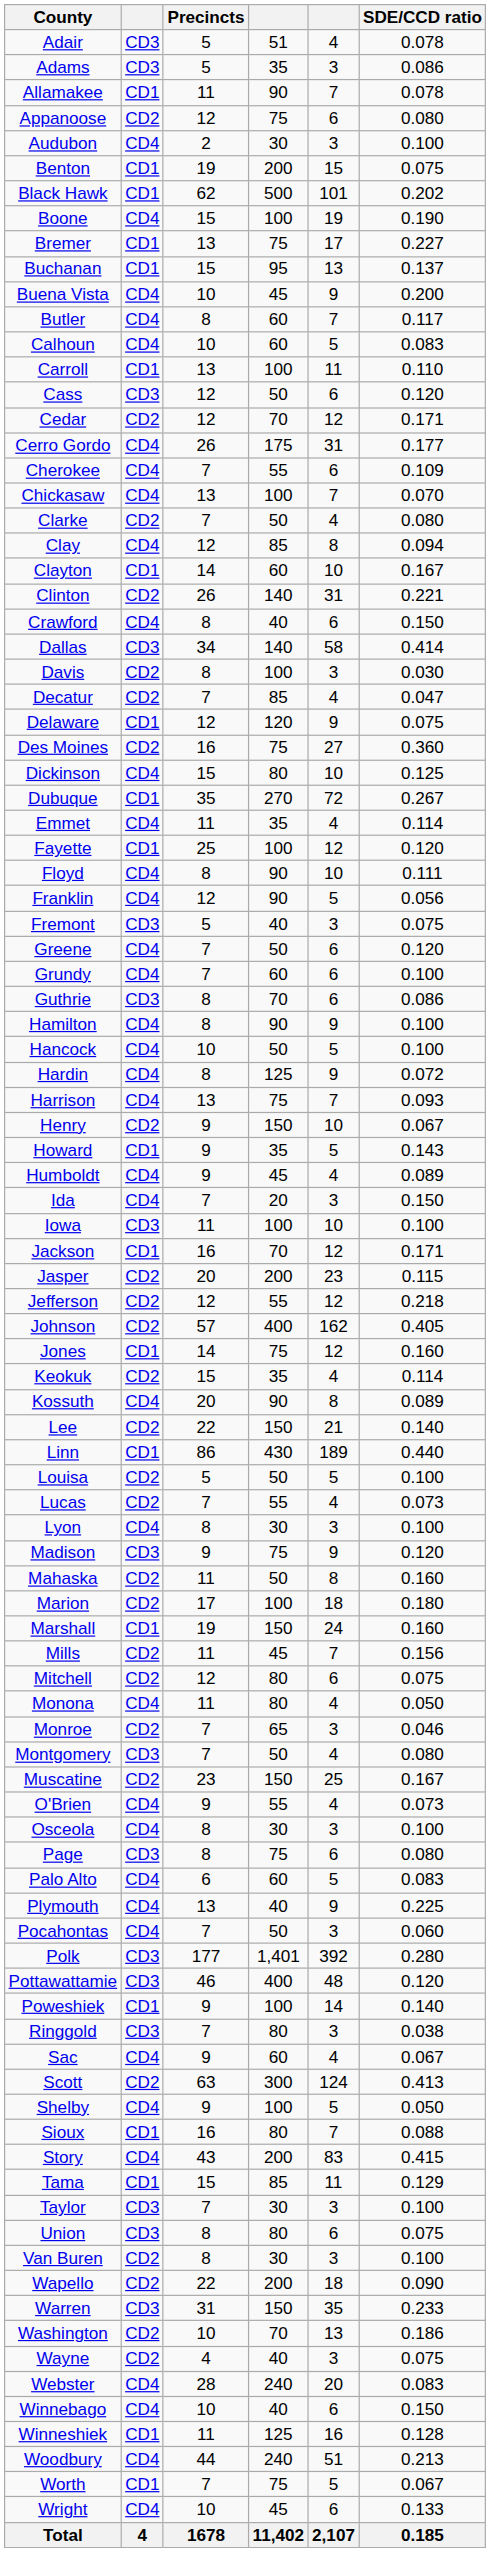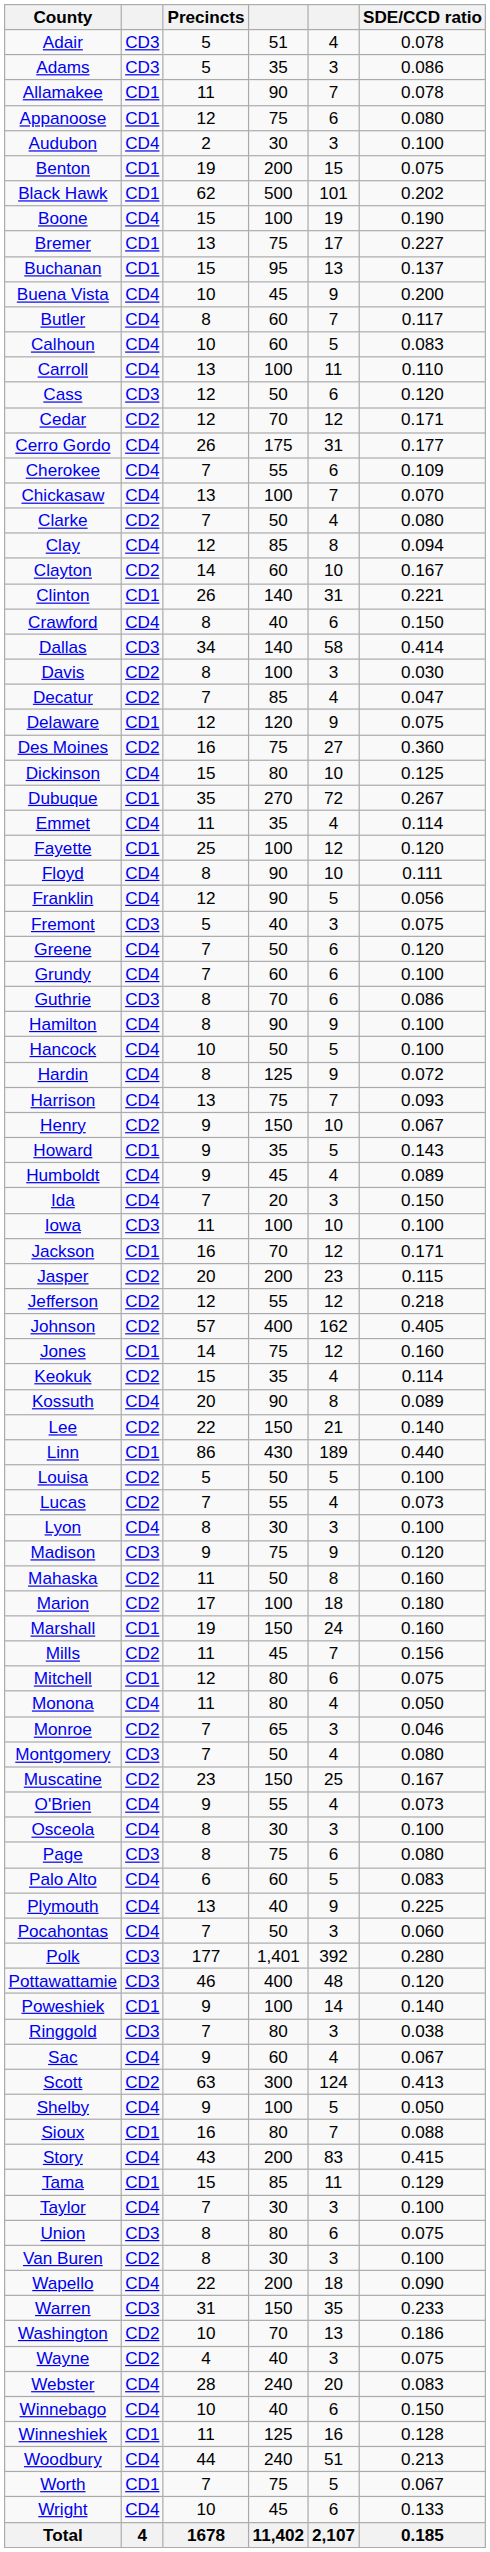 <table class="wikitable collapsed collapsible sortable" style="position:left; padding:5px; text-align:center; font-size:90%; line-height:1.0">
 <tr>
 <th>County</th>
 <th></th>
 <th>Precincts</th>
 <th></th>
 <th></th>
 <th>SDE/CCD ratio</th>
 </tr>
 <tr>
 <td><a href='#'>Adair</a></td>
 <td><a href='#'>CD3</a></td>
 <td>5</td>
 <td>51</td>
 <td>4</td>
 <td>0.078</td>
 </tr>
 <tr>
 <td><a href='#'>Adams</a></td>
 <td><a href='#'>CD3</a></td>
 <td>5</td>
 <td>35</td>
 <td>3</td>
 <td>0.086</td>
 </tr>
 <tr>
 <td><a href='#'>Allamakee</a></td>
 <td><a href='#'>CD1</a></td>
 <td>11</td>
 <td>90</td>
 <td>7</td>
 <td>0.078</td>
 </tr>
 <tr>
 <td><a href='#'>Appanoose</a></td>
-<td><a href='#'>CD2</a></td>
+<td><a href='#'>CD1</a></td>
 <td>12</td>
 <td>75</td>
 <td>6</td>
 <td>0.080</td>
 </tr>
 <tr>
 <td><a href='#'>Audubon</a></td>
 <td><a href='#'>CD4</a></td>
 <td>2</td>
 <td>30</td>
 <td>3</td>
 <td>0.100</td>
 </tr>
 <tr>
 <td><a href='#'>Benton</a></td>
 <td><a href='#'>CD1</a></td>
 <td>19</td>
 <td>200</td>
 <td>15</td>
 <td>0.075</td>
 </tr>
 <tr>
 <td><a href='#'>Black Hawk</a></td>
 <td><a href='#'>CD1</a></td>
 <td>62</td>
 <td>500</td>
 <td>101</td>
 <td>0.202</td>
 </tr>
 <tr>
 <td><a href='#'>Boone</a></td>
 <td><a href='#'>CD4</a></td>
 <td>15</td>
 <td>100</td>
 <td>19</td>
 <td>0.190</td>
 </tr>
 <tr>
 <td><a href='#'>Bremer</a></td>
 <td><a href='#'>CD1</a></td>
 <td>13</td>
 <td>75</td>
 <td>17</td>
 <td>0.227</td>
 </tr>
 <tr>
 <td><a href='#'>Buchanan</a></td>
 <td><a href='#'>CD1</a></td>
 <td>15</td>
 <td>95</td>
 <td>13</td>
 <td>0.137</td>
 </tr>
 <tr>
 <td><a href='#'>Buena Vista</a></td>
 <td><a href='#'>CD4</a></td>
 <td>10</td>
 <td>45</td>
 <td>9</td>
 <td>0.200</td>
 </tr>
 <tr>
 <td><a href='#'>Butler</a></td>
 <td><a href='#'>CD4</a></td>
 <td>8</td>
 <td>60</td>
 <td>7</td>
 <td>0.117</td>
 </tr>
 <tr>
 <td><a href='#'>Calhoun</a></td>
 <td><a href='#'>CD4</a></td>
 <td>10</td>
 <td>60</td>
 <td>5</td>
 <td>0.083</td>
 </tr>
 <tr>
 <td><a href='#'>Carroll</a></td>
-<td><a href='#'>CD1</a></td>
+<td><a href='#'>CD4</a></td>
 <td>13</td>
 <td>100</td>
 <td>11</td>
 <td>0.110</td>
 </tr>
 <tr>
 <td><a href='#'>Cass</a></td>
 <td><a href='#'>CD3</a></td>
 <td>12</td>
 <td>50</td>
 <td>6</td>
 <td>0.120</td>
 </tr>
 <tr>
 <td><a href='#'>Cedar</a></td>
 <td><a href='#'>CD2</a></td>
 <td>12</td>
 <td>70</td>
 <td>12</td>
 <td>0.171</td>
 </tr>
 <tr>
 <td><a href='#'>Cerro Gordo</a></td>
 <td><a href='#'>CD4</a></td>
 <td>26</td>
 <td>175</td>
 <td>31</td>
 <td>0.177</td>
 </tr>
 <tr>
 <td><a href='#'>Cherokee</a></td>
 <td><a href='#'>CD4</a></td>
 <td>7</td>
 <td>55</td>
 <td>6</td>
 <td>0.109</td>
 </tr>
 <tr>
 <td><a href='#'>Chickasaw</a></td>
 <td><a href='#'>CD4</a></td>
 <td>13</td>
 <td>100</td>
 <td>7</td>
 <td>0.070</td>
 </tr>
 <tr>
 <td><a href='#'>Clarke</a></td>
 <td><a href='#'>CD2</a></td>
 <td>7</td>
 <td>50</td>
 <td>4</td>
 <td>0.080</td>
 </tr>
 <tr>
 <td><a href='#'>Clay</a></td>
 <td><a href='#'>CD4</a></td>
 <td>12</td>
 <td>85</td>
 <td>8</td>
 <td>0.094</td>
 </tr>
 <tr>
 <td><a href='#'>Clayton</a></td>
-<td><a href='#'>CD1</a></td>
+<td><a href='#'>CD2</a></td>
 <td>14</td>
 <td>60</td>
 <td>10</td>
 <td>0.167</td>
 </tr>
 <tr>
 <td><a href='#'>Clinton</a></td>
-<td><a href='#'>CD2</a></td>
+<td><a href='#'>CD1</a></td>
 <td>26</td>
 <td>140</td>
 <td>31</td>
 <td>0.221</td>
 </tr>
 <tr>
 <td><a href='#'>Crawford</a></td>
 <td><a href='#'>CD4</a></td>
 <td>8</td>
 <td>40</td>
 <td>6</td>
 <td>0.150</td>
 </tr>
 <tr>
 <td><a href='#'>Dallas</a></td>
 <td><a href='#'>CD3</a></td>
 <td>34</td>
 <td>140</td>
 <td>58</td>
 <td>0.414</td>
 </tr>
 <tr>
 <td><a href='#'>Davis</a></td>
 <td><a href='#'>CD2</a></td>
 <td>8</td>
 <td>100</td>
 <td>3</td>
 <td>0.030</td>
 </tr>
 <tr>
 <td><a href='#'>Decatur</a></td>
 <td><a href='#'>CD2</a></td>
 <td>7</td>
 <td>85</td>
 <td>4</td>
 <td>0.047</td>
 </tr>
 <tr>
 <td><a href='#'>Delaware</a></td>
 <td><a href='#'>CD1</a></td>
 <td>12</td>
 <td>120</td>
 <td>9</td>
 <td>0.075</td>
 </tr>
 <tr>
 <td><a href='#'>Des Moines</a></td>
 <td><a href='#'>CD2</a></td>
 <td>16</td>
 <td>75</td>
 <td>27</td>
 <td>0.360</td>
 </tr>
 <tr>
 <td><a href='#'>Dickinson</a></td>
 <td><a href='#'>CD4</a></td>
 <td>15</td>
 <td>80</td>
 <td>10</td>
 <td>0.125</td>
 </tr>
 <tr>
 <td><a href='#'>Dubuque</a></td>
 <td><a href='#'>CD1</a></td>
 <td>35</td>
 <td>270</td>
 <td>72</td>
 <td>0.267</td>
 </tr>
 <tr>
 <td><a href='#'>Emmet</a></td>
 <td><a href='#'>CD4</a></td>
 <td>11</td>
 <td>35</td>
 <td>4</td>
 <td>0.114</td>
 </tr>
 <tr>
 <td><a href='#'>Fayette</a></td>
 <td><a href='#'>CD1</a></td>
 <td>25</td>
 <td>100</td>
 <td>12</td>
 <td>0.120</td>
 </tr>
 <tr>
 <td><a href='#'>Floyd</a></td>
 <td><a href='#'>CD4</a></td>
 <td>8</td>
 <td>90</td>
 <td>10</td>
 <td>0.111</td>
 </tr>
 <tr>
 <td><a href='#'>Franklin</a></td>
 <td><a href='#'>CD4</a></td>
 <td>12</td>
 <td>90</td>
 <td>5</td>
 <td>0.056</td>
 </tr>
 <tr>
 <td><a href='#'>Fremont</a></td>
 <td><a href='#'>CD3</a></td>
 <td>5</td>
 <td>40</td>
 <td>3</td>
 <td>0.075</td>
 </tr>
 <tr>
 <td><a href='#'>Greene</a></td>
 <td><a href='#'>CD4</a></td>
 <td>7</td>
 <td>50</td>
 <td>6</td>
 <td>0.120</td>
 </tr>
 <tr>
 <td><a href='#'>Grundy</a></td>
 <td><a href='#'>CD4</a></td>
 <td>7</td>
 <td>60</td>
 <td>6</td>
 <td>0.100</td>
 </tr>
 <tr>
 <td><a href='#'>Guthrie</a></td>
 <td><a href='#'>CD3</a></td>
 <td>8</td>
 <td>70</td>
 <td>6</td>
 <td>0.086</td>
 </tr>
 <tr>
 <td><a href='#'>Hamilton</a></td>
 <td><a href='#'>CD4</a></td>
 <td>8</td>
 <td>90</td>
 <td>9</td>
 <td>0.100</td>
 </tr>
 <tr>
 <td><a href='#'>Hancock</a></td>
 <td><a href='#'>CD4</a></td>
 <td>10</td>
 <td>50</td>
 <td>5</td>
 <td>0.100</td>
 </tr>
 <tr>
 <td><a href='#'>Hardin</a></td>
 <td><a href='#'>CD4</a></td>
 <td>8</td>
 <td>125</td>
 <td>9</td>
 <td>0.072</td>
 </tr>
 <tr>
 <td><a href='#'>Harrison</a></td>
 <td><a href='#'>CD4</a></td>
 <td>13</td>
 <td>75</td>
 <td>7</td>
 <td>0.093</td>
 </tr>
 <tr>
 <td><a href='#'>Henry</a></td>
 <td><a href='#'>CD2</a></td>
 <td>9</td>
 <td>150</td>
 <td>10</td>
 <td>0.067</td>
 </tr>
 <tr>
 <td><a href='#'>Howard</a></td>
 <td><a href='#'>CD1</a></td>
 <td>9</td>
 <td>35</td>
 <td>5</td>
 <td>0.143</td>
 </tr>
 <tr>
 <td><a href='#'>Humboldt</a></td>
 <td><a href='#'>CD4</a></td>
 <td>9</td>
 <td>45</td>
 <td>4</td>
 <td>0.089</td>
 </tr>
 <tr>
 <td><a href='#'>Ida</a></td>
 <td><a href='#'>CD4</a></td>
 <td>7</td>
 <td>20</td>
 <td>3</td>
 <td>0.150</td>
 </tr>
 <tr>
 <td><a href='#'>Iowa</a></td>
 <td><a href='#'>CD3</a></td>
 <td>11</td>
 <td>100</td>
 <td>10</td>
 <td>0.100</td>
 </tr>
 <tr>
 <td><a href='#'>Jackson</a></td>
 <td><a href='#'>CD1</a></td>
 <td>16</td>
 <td>70</td>
 <td>12</td>
 <td>0.171</td>
 </tr>
 <tr>
 <td><a href='#'>Jasper</a></td>
 <td><a href='#'>CD2</a></td>
 <td>20</td>
 <td>200</td>
 <td>23</td>
 <td>0.115</td>
 </tr>
 <tr>
 <td><a href='#'>Jefferson</a></td>
 <td><a href='#'>CD2</a></td>
 <td>12</td>
 <td>55</td>
 <td>12</td>
 <td>0.218</td>
 </tr>
 <tr>
 <td><a href='#'>Johnson</a></td>
 <td><a href='#'>CD2</a></td>
 <td>57</td>
 <td>400</td>
 <td>162</td>
 <td>0.405</td>
 </tr>
 <tr>
 <td><a href='#'>Jones</a></td>
 <td><a href='#'>CD1</a></td>
 <td>14</td>
 <td>75</td>
 <td>12</td>
 <td>0.160</td>
 </tr>
 <tr>
 <td><a href='#'>Keokuk</a></td>
 <td><a href='#'>CD2</a></td>
 <td>15</td>
 <td>35</td>
 <td>4</td>
 <td>0.114</td>
 </tr>
 <tr>
 <td><a href='#'>Kossuth</a></td>
 <td><a href='#'>CD4</a></td>
 <td>20</td>
 <td>90</td>
 <td>8</td>
 <td>0.089</td>
 </tr>
 <tr>
 <td><a href='#'>Lee</a></td>
 <td><a href='#'>CD2</a></td>
 <td>22</td>
 <td>150</td>
 <td>21</td>
 <td>0.140</td>
 </tr>
 <tr>
 <td><a href='#'>Linn</a></td>
 <td><a href='#'>CD1</a></td>
 <td>86</td>
 <td>430</td>
 <td>189</td>
 <td>0.440</td>
 </tr>
 <tr>
 <td><a href='#'>Louisa</a></td>
 <td><a href='#'>CD2</a></td>
 <td>5</td>
 <td>50</td>
 <td>5</td>
 <td>0.100</td>
 </tr>
 <tr>
 <td><a href='#'>Lucas</a></td>
 <td><a href='#'>CD2</a></td>
 <td>7</td>
 <td>55</td>
 <td>4</td>
 <td>0.073</td>
 </tr>
 <tr>
 <td><a href='#'>Lyon</a></td>
 <td><a href='#'>CD4</a></td>
 <td>8</td>
 <td>30</td>
 <td>3</td>
 <td>0.100</td>
 </tr>
 <tr>
 <td><a href='#'>Madison</a></td>
 <td><a href='#'>CD3</a></td>
 <td>9</td>
 <td>75</td>
 <td>9</td>
 <td>0.120</td>
 </tr>
 <tr>
 <td><a href='#'>Mahaska</a></td>
 <td><a href='#'>CD2</a></td>
 <td>11</td>
 <td>50</td>
 <td>8</td>
 <td>0.160</td>
 </tr>
 <tr>
 <td><a href='#'>Marion</a></td>
 <td><a href='#'>CD2</a></td>
 <td>17</td>
 <td>100</td>
 <td>18</td>
 <td>0.180</td>
 </tr>
 <tr>
 <td><a href='#'>Marshall</a></td>
 <td><a href='#'>CD1</a></td>
 <td>19</td>
 <td>150</td>
 <td>24</td>
 <td>0.160</td>
 </tr>
 <tr>
 <td><a href='#'>Mills</a></td>
 <td><a href='#'>CD2</a></td>
 <td>11</td>
 <td>45</td>
 <td>7</td>
 <td>0.156</td>
 </tr>
 <tr>
 <td><a href='#'>Mitchell</a></td>
-<td><a href='#'>CD2</a></td>
+<td><a href='#'>CD1</a></td>
 <td>12</td>
 <td>80</td>
 <td>6</td>
 <td>0.075</td>
 </tr>
 <tr>
 <td><a href='#'>Monona</a></td>
 <td><a href='#'>CD4</a></td>
 <td>11</td>
 <td>80</td>
 <td>4</td>
 <td>0.050</td>
 </tr>
 <tr>
 <td><a href='#'>Monroe</a></td>
 <td><a href='#'>CD2</a></td>
 <td>7</td>
 <td>65</td>
 <td>3</td>
 <td>0.046</td>
 </tr>
 <tr>
 <td><a href='#'>Montgomery</a></td>
 <td><a href='#'>CD3</a></td>
 <td>7</td>
 <td>50</td>
 <td>4</td>
 <td>0.080</td>
 </tr>
 <tr>
 <td><a href='#'>Muscatine</a></td>
 <td><a href='#'>CD2</a></td>
 <td>23</td>
 <td>150</td>
 <td>25</td>
 <td>0.167</td>
 </tr>
 <tr>
 <td><a href='#'>O'Brien</a></td>
 <td><a href='#'>CD4</a></td>
 <td>9</td>
 <td>55</td>
 <td>4</td>
 <td>0.073</td>
 </tr>
 <tr>
 <td><a href='#'>Osceola</a></td>
 <td><a href='#'>CD4</a></td>
 <td>8</td>
 <td>30</td>
 <td>3</td>
 <td>0.100</td>
 </tr>
 <tr>
 <td><a href='#'>Page</a></td>
 <td><a href='#'>CD3</a></td>
 <td>8</td>
 <td>75</td>
 <td>6</td>
 <td>0.080</td>
 </tr>
 <tr>
 <td><a href='#'>Palo Alto</a></td>
 <td><a href='#'>CD4</a></td>
 <td>6</td>
 <td>60</td>
 <td>5</td>
 <td>0.083</td>
 </tr>
 <tr>
 <td><a href='#'>Plymouth</a></td>
 <td><a href='#'>CD4</a></td>
 <td>13</td>
 <td>40</td>
 <td>9</td>
 <td>0.225</td>
 </tr>
 <tr>
 <td><a href='#'>Pocahontas</a></td>
 <td><a href='#'>CD4</a></td>
 <td>7</td>
 <td>50</td>
 <td>3</td>
 <td>0.060</td>
 </tr>
 <tr>
 <td><a href='#'>Polk</a></td>
 <td><a href='#'>CD3</a></td>
 <td>177</td>
 <td>1,401</td>
 <td>392</td>
 <td>0.280</td>
 </tr>
 <tr>
 <td><a href='#'>Pottawattamie</a></td>
 <td><a href='#'>CD3</a></td>
 <td>46</td>
 <td>400</td>
 <td>48</td>
 <td>0.120</td>
 </tr>
 <tr>
 <td><a href='#'>Poweshiek</a></td>
 <td><a href='#'>CD1</a></td>
 <td>9</td>
 <td>100</td>
 <td>14</td>
 <td>0.140</td>
 </tr>
 <tr>
 <td><a href='#'>Ringgold</a></td>
 <td><a href='#'>CD3</a></td>
 <td>7</td>
 <td>80</td>
 <td>3</td>
 <td>0.038</td>
 </tr>
 <tr>
 <td><a href='#'>Sac</a></td>
 <td><a href='#'>CD4</a></td>
 <td>9</td>
 <td>60</td>
 <td>4</td>
 <td>0.067</td>
 </tr>
 <tr>
 <td><a href='#'>Scott</a></td>
 <td><a href='#'>CD2</a></td>
 <td>63</td>
 <td>300</td>
 <td>124</td>
 <td>0.413</td>
 </tr>
 <tr>
 <td><a href='#'>Shelby</a></td>
 <td><a href='#'>CD4</a></td>
 <td>9</td>
 <td>100</td>
 <td>5</td>
 <td>0.050</td>
 </tr>
 <tr>
 <td><a href='#'>Sioux</a></td>
 <td><a href='#'>CD1</a></td>
 <td>16</td>
 <td>80</td>
 <td>7</td>
 <td>0.088</td>
 </tr>
 <tr>
 <td><a href='#'>Story</a></td>
 <td><a href='#'>CD4</a></td>
 <td>43</td>
 <td>200</td>
 <td>83</td>
 <td>0.415</td>
 </tr>
 <tr>
 <td><a href='#'>Tama</a></td>
 <td><a href='#'>CD1</a></td>
 <td>15</td>
 <td>85</td>
 <td>11</td>
 <td>0.129</td>
 </tr>
 <tr>
 <td><a href='#'>Taylor</a></td>
-<td><a href='#'>CD3</a></td>
+<td><a href='#'>CD4</a></td>
 <td>7</td>
 <td>30</td>
 <td>3</td>
 <td>0.100</td>
 </tr>
 <tr>
 <td><a href='#'>Union</a></td>
 <td><a href='#'>CD3</a></td>
 <td>8</td>
 <td>80</td>
 <td>6</td>
 <td>0.075</td>
 </tr>
 <tr>
 <td><a href='#'>Van Buren</a></td>
 <td><a href='#'>CD2</a></td>
 <td>8</td>
 <td>30</td>
 <td>3</td>
 <td>0.100</td>
 </tr>
 <tr>
 <td><a href='#'>Wapello</a></td>
-<td><a href='#'>CD2</a></td>
+<td><a href='#'>CD4</a></td>
 <td>22</td>
 <td>200</td>
 <td>18</td>
 <td>0.090</td>
 </tr>
 <tr>
 <td><a href='#'>Warren</a></td>
 <td><a href='#'>CD3</a></td>
 <td>31</td>
 <td>150</td>
 <td>35</td>
 <td>0.233</td>
 </tr>
 <tr>
 <td><a href='#'>Washington</a></td>
 <td><a href='#'>CD2</a></td>
 <td>10</td>
 <td>70</td>
 <td>13</td>
 <td>0.186</td>
 </tr>
 <tr>
 <td><a href='#'>Wayne</a></td>
 <td><a href='#'>CD2</a></td>
 <td>4</td>
 <td>40</td>
 <td>3</td>
 <td>0.075</td>
 </tr>
 <tr>
 <td><a href='#'>Webster</a></td>
 <td><a href='#'>CD4</a></td>
 <td>28</td>
 <td>240</td>
 <td>20</td>
 <td>0.083</td>
 </tr>
 <tr>
 <td><a href='#'>Winnebago</a></td>
 <td><a href='#'>CD4</a></td>
 <td>10</td>
 <td>40</td>
 <td>6</td>
 <td>0.150</td>
 </tr>
 <tr>
 <td><a href='#'>Winneshiek</a></td>
 <td><a href='#'>CD1</a></td>
 <td>11</td>
 <td>125</td>
 <td>16</td>
 <td>0.128</td>
 </tr>
 <tr>
 <td><a href='#'>Woodbury</a></td>
 <td><a href='#'>CD4</a></td>
 <td>44</td>
 <td>240</td>
 <td>51</td>
 <td>0.213</td>
 </tr>
 <tr>
 <td><a href='#'>Worth</a></td>
 <td><a href='#'>CD1</a></td>
 <td>7</td>
 <td>75</td>
 <td>5</td>
 <td>0.067</td>
 </tr>
 <tr>
 <td><a href='#'>Wright</a></td>
 <td><a href='#'>CD4</a></td>
 <td>10</td>
 <td>45</td>
 <td>6</td>
 <td>0.133</td>
 </tr>
 <tr>
 <th>Total </th>
 <th>4</th>
 <th>1678</th>
 <th>11,402</th>
 <th>2,107</th>
 <th>0.185</th>
 </tr>
 </table>
